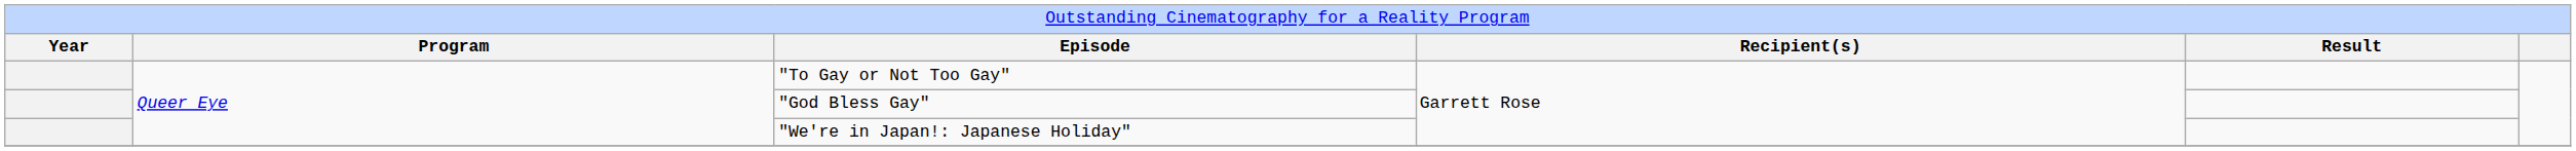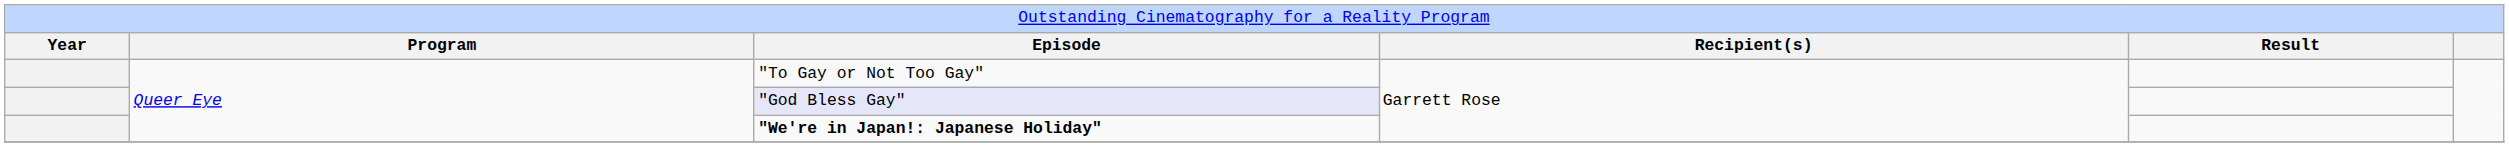 <table class="wikitable plainrowheaders" style="font-size: 90%" width=90%>
 <tr ---- bgcolor="#bfd7ff">
 <td colspan=6 align=center><a href='#'>Outstanding Cinematography for a Reality Program</a></td>
 </tr>
 <tr ---- bgcolor="#ebf5ff">
 <th width="5%">Year</th>
 <th width="25%">Program</th>
 <th width="25%">Episode</th>
 <th width="30%">Recipient(s)</th>
 <th width="13%">Result</th>
 <th width="5%"></th>
 </tr>
 <tr>
 <th scope=row></th>
 <td rowspan="3"><em><a href='#'>Queer Eye</a></em></td>
 <td>"To Gay or Not Too Gay"</td>
 <td rowspan="3">Garrett Rose</td>
 <td></td>
 <td rowspan="3"></td>
 </tr>
 <tr>
 <th scope=row></th>
-<td>"God Bless Gay"</td>
+<td style="background: lavender;">"God Bless Gay"</td>
 <td></td>
 </tr>
 <tr>
 <th scope=row></th>
-<td>"We're in Japan!: Japanese Holiday"</td>
+<td><strong>"We're in Japan!: Japanese Holiday"</strong></td>
 <td></td>
 </tr>
 <tr>
 </tr>
 </table>
